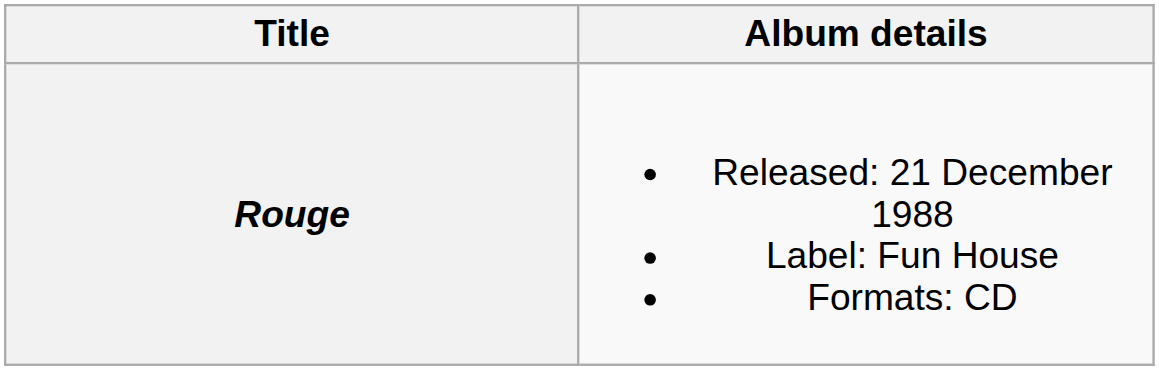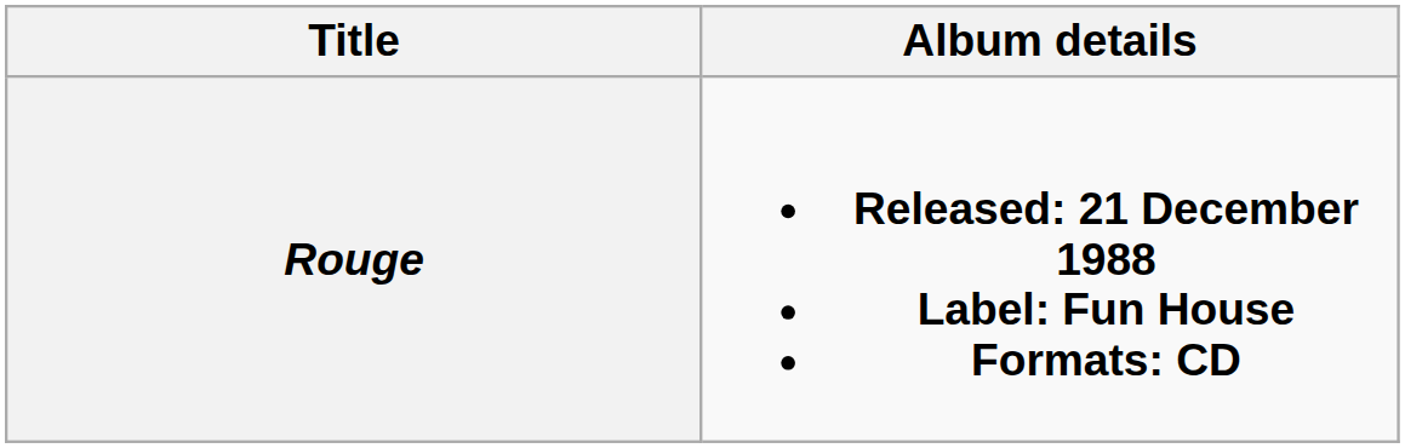 <table class="wikitable plainrowheaders" style="text-align:center;">
 <tr>
 <th scope="col" style="width:15em;">Title</th>
 <th scope="col" style="width:15em;">Album details</th>
 </tr>
 <tr>
 <th scope="row"><em>Rouge</em></th>
-<td><br><ul><li>Released: 21 December 1988</li><li>Label: Fun House</li><li>Formats: CD</li></ul></td>
+<td><strong><br><ul><li>Released: 21 December 1988</li><li>Label: Fun House</li><li>Formats: CD</li></ul></strong></td>
 </tr>
 </table>
